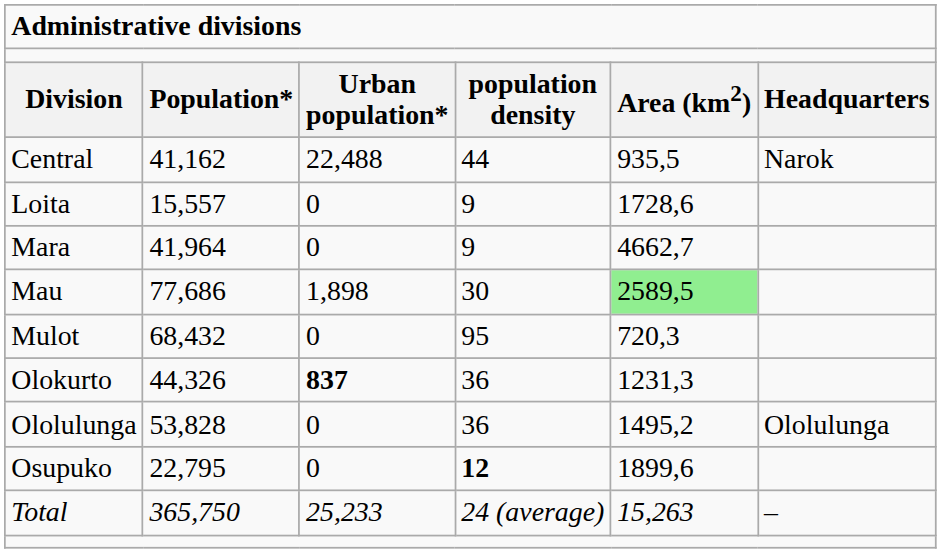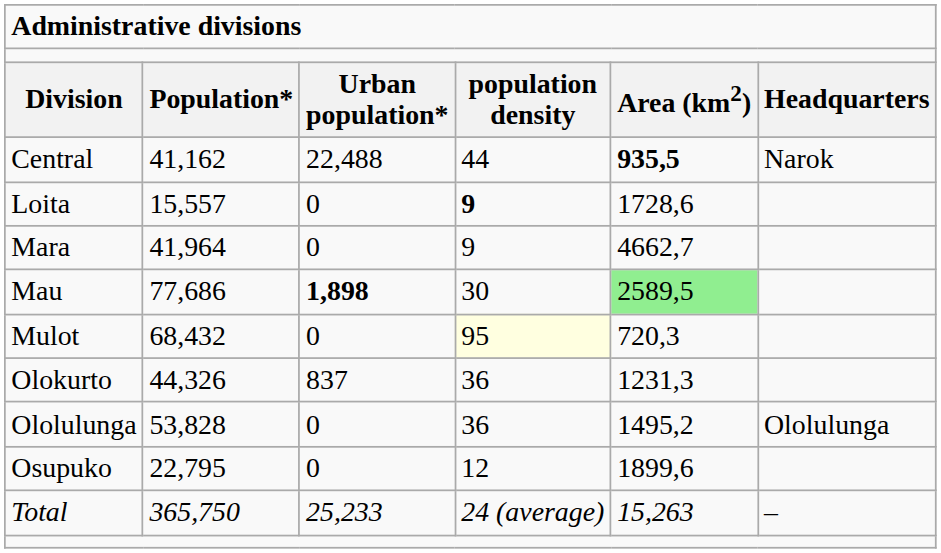 <table class="wikitable">
 <tr>
 <td colspan="6"><strong>Administrative divisions</strong></td>
 </tr>
 <tr>
 <td colspan="6"></td>
 </tr>
 <tr>
 <th>Division</th>
 <th>Population*</th>
 <th>Urban<br> population*</th>
 <th>population<br> density</th>
 <th>Area (km<sup>2</sup>)</th>
 <th>Headquarters</th>
 </tr>
 <tr>
 <td>Central</td>
 <td>41,162</td>
 <td>22,488</td>
 <td>44</td>
-<td>935,5</td>
+<td><strong>935,5</strong></td>
 <td>Narok</td>
 </tr>
 <tr>
 <td>Loita</td>
 <td>15,557</td>
 <td>0</td>
-<td>9</td>
+<td><strong>9</strong></td>
 <td>1728,6</td>
 <td></td>
 </tr>
 <tr>
 <td>Mara</td>
 <td>41,964</td>
 <td>0</td>
 <td>9</td>
 <td>4662,7</td>
 <td></td>
 </tr>
 <tr>
 <td>Mau</td>
 <td>77,686</td>
-<td>1,898</td>
+<td><strong>1,898</strong></td>
 <td>30</td>
 <td style="background: lightgreen;">2589,5</td>
 <td></td>
 </tr>
 <tr>
 <td>Mulot</td>
 <td>68,432</td>
 <td>0</td>
-<td>95</td>
+<td style="background: lightyellow;">95</td>
 <td>720,3</td>
 <td></td>
 </tr>
 <tr>
 <td>Olokurto</td>
 <td>44,326</td>
-<td><strong>837</strong></td>
+<td>837</td>
 <td>36</td>
 <td>1231,3</td>
 <td></td>
 </tr>
 <tr>
 <td>Ololulunga</td>
 <td>53,828</td>
 <td>0</td>
 <td>36</td>
 <td>1495,2</td>
 <td>Ololulunga</td>
 </tr>
 <tr>
 <td>Osupuko</td>
 <td>22,795</td>
 <td>0</td>
-<td><strong>12</strong></td>
+<td>12</td>
 <td>1899,6</td>
 <td></td>
 </tr>
 <tr>
 <td><em>Total</em></td>
 <td><em>365,750</em></td>
 <td><em>25,233</em></td>
 <td><em>24 (average)</em></td>
 <td><em>15,263</em></td>
 <td>–</td>
 </tr>
 <tr>
 <td colspan="6"></td>
 </tr>
 </table>
